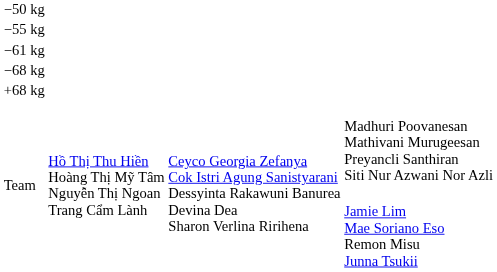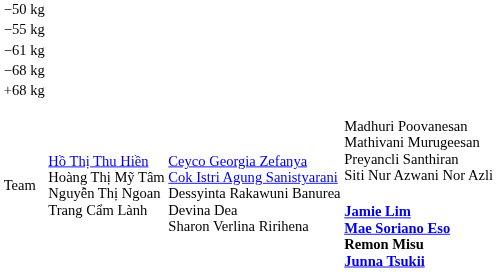 <table>
 <tr>
 <td rowspan=2>−50 kg</td>
 <td rowspan=2></td>
 <td rowspan=2></td>
 <td nowrap></td>
 </tr>
 <tr>
 <td></td>
 </tr>
 <tr>
 <td rowspan=2>−55 kg</td>
 <td rowspan=2 nowrap></td>
 <td rowspan=2></td>
 <td></td>
 </tr>
 <tr>
 <td></td>
 </tr>
 <tr>
 <td rowspan=2>−61 kg</td>
 <td rowspan=2></td>
 <td rowspan=2></td>
 <td></td>
 </tr>
 <tr>
 <td></td>
 </tr>
 <tr>
 <td rowspan=2>−68 kg</td>
 <td rowspan=2></td>
 <td rowspan=2></td>
 <td></td>
 </tr>
 <tr>
 <td></td>
 </tr>
 <tr>
 <td rowspan=2>+68 kg</td>
 <td rowspan=2></td>
 <td rowspan=2></td>
 <td></td>
 </tr>
 <tr>
 <td></td>
 </tr>
 <tr>
 <td rowspan=2>Team</td>
 <td rowspan=2><br><a href='#'>Hồ Thị Thu Hiền</a><br>Hoàng Thị Mỹ Tâm<br>Nguyễn Thị Ngoan<br>Trang Cẩm Lành<br> </td>
 <td rowspan=2 nowrap><br><a href='#'>Ceyco Georgia Zefanya</a><br><a href='#'>Cok Istri Agung Sanistyarani</a><br>Dessyinta Rakawuni Banurea<br>Devina Dea<br>Sharon Verlina Ririhena</td>
 <td><br>Madhuri Poovanesan<br>Mathivani Murugeesan<br>Preyancli Santhiran<br>Siti Nur Azwani Nor Azli</td>
 </tr>
 <tr>
-<td><br><a href='#'>Jamie Lim</a><br><a href='#'>Mae Soriano Eso</a><br>Remon Misu<br><a href='#'>Junna Tsukii</a></td>
+<td><strong><br><a href='#'>Jamie Lim</a><br><a href='#'>Mae Soriano Eso</a><br>Remon Misu<br><a href='#'>Junna Tsukii</a></strong></td>
 </tr>
 </table>
